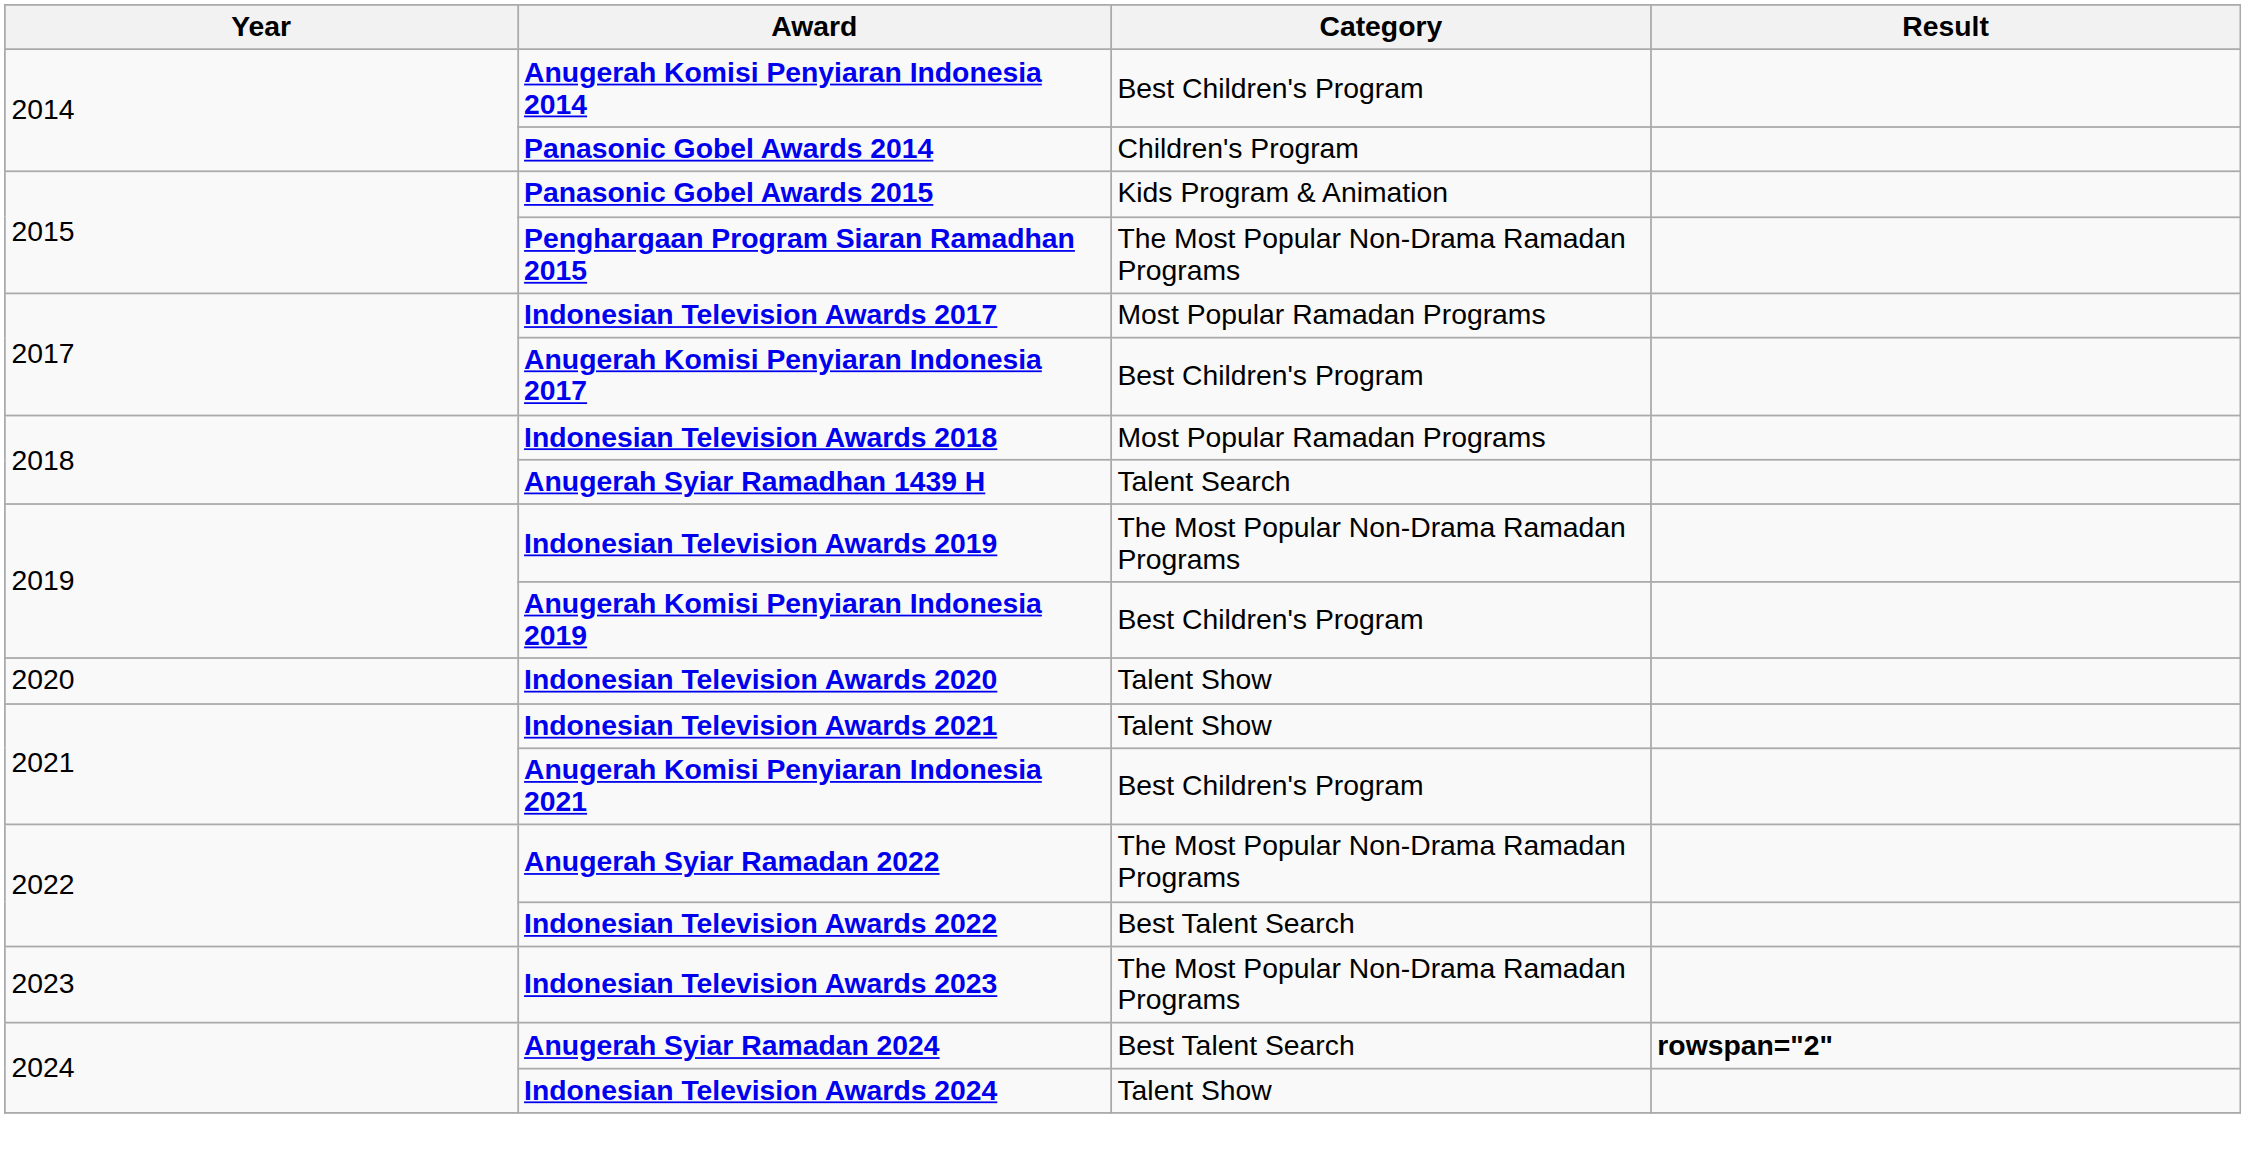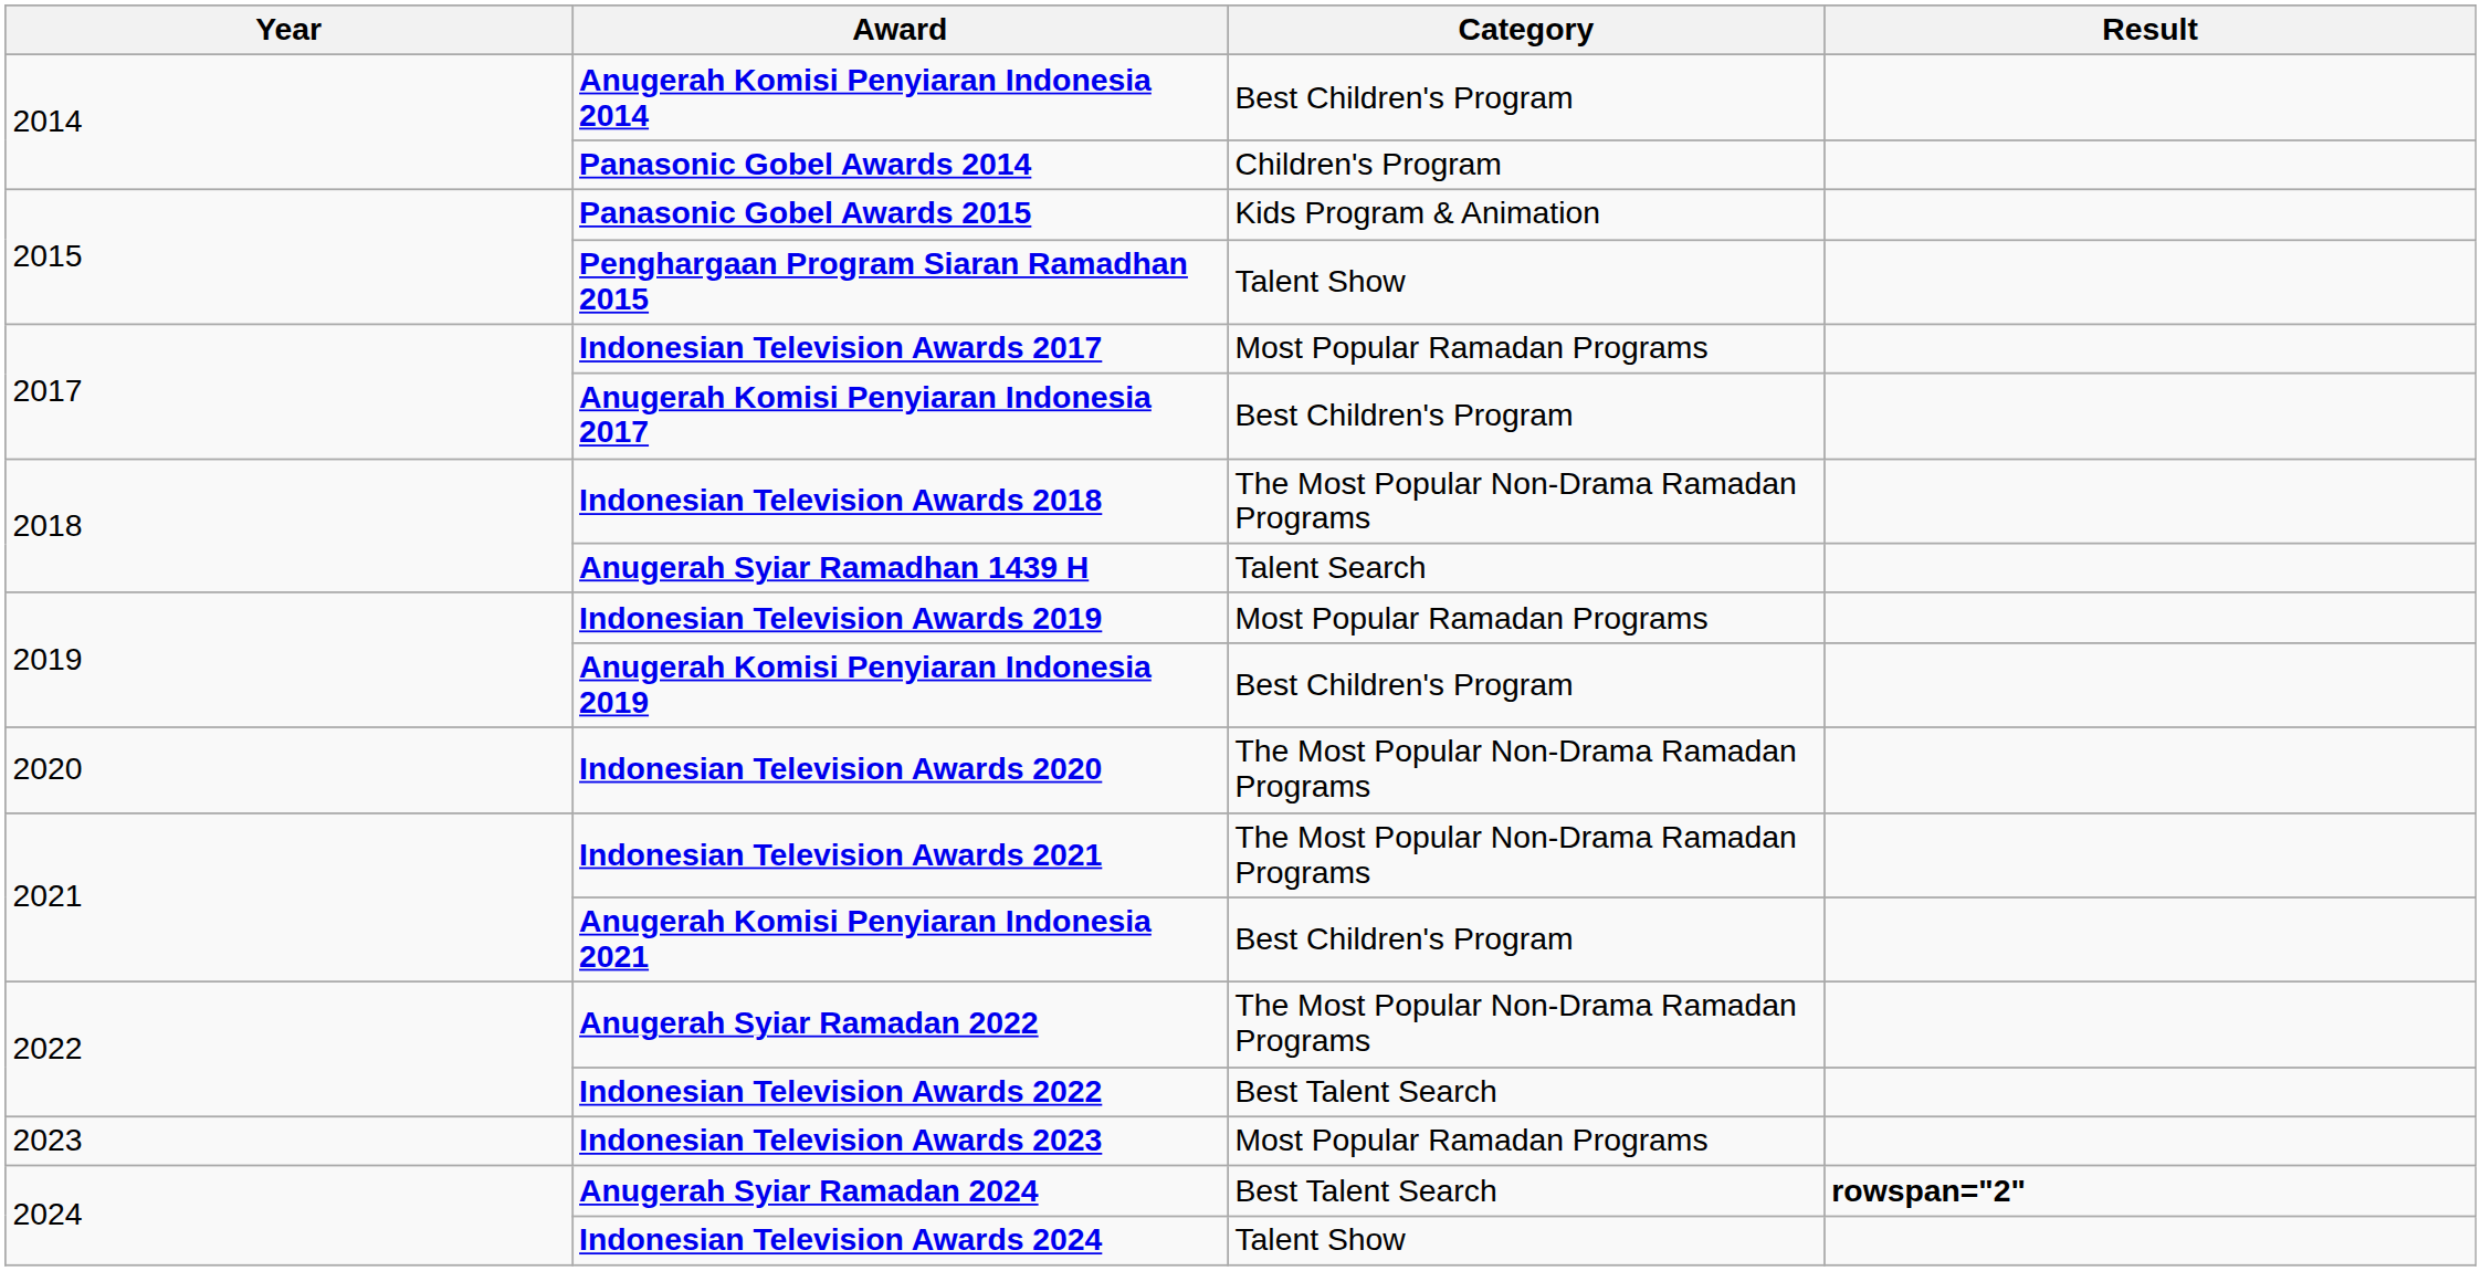 <table class="wikitable" width="100%" cellpadding="5">
 <tr>
 <th width="5%">Year</th>
 <th width="5%">Award</th>
 <th width="5%">Category</th>
 <th width="5%">Result</th>
 </tr>
 <tr>
 <td rowspan="2">2014</td>
 <td><strong><a href='#'>Anugerah Komisi Penyiaran Indonesia 2014</a></strong></td>
 <td>Best Children's Program</td>
 <td></td>
 </tr>
 <tr>
 <td><strong><a href='#'>Panasonic Gobel Awards 2014</a></strong></td>
 <td>Children's Program</td>
 <td></td>
 </tr>
 <tr>
 <td rowspan="2">2015</td>
 <td><strong><a href='#'>Panasonic Gobel Awards 2015</a></strong></td>
 <td>Kids Program & Animation</td>
 <td></td>
 </tr>
 <tr>
 <td><strong><a href='#'>Penghargaan Program Siaran Ramadhan 2015</a></strong></td>
-<td>The Most Popular Non-Drama Ramadan Programs</td>
+<td>Talent Show</td>
 <td></td>
 </tr>
 <tr>
 <td rowspan="2">2017</td>
 <td><strong><a href='#'>Indonesian Television Awards 2017</a></strong></td>
 <td>Most Popular Ramadan Programs</td>
 <td></td>
 </tr>
 <tr>
 <td><strong><a href='#'>Anugerah Komisi Penyiaran Indonesia 2017</a></strong></td>
 <td>Best Children's Program</td>
 <td></td>
 </tr>
 <tr>
 <td rowspan="2">2018</td>
 <td><strong><a href='#'>Indonesian Television Awards 2018</a></strong></td>
-<td>Most Popular Ramadan Programs</td>
+<td>The Most Popular Non-Drama Ramadan Programs</td>
 <td></td>
 </tr>
 <tr>
 <td><strong><a href='#'>Anugerah Syiar Ramadhan 1439 H</a></strong></td>
 <td>Talent Search</td>
 <td></td>
 </tr>
 <tr>
 <td rowspan="2">2019</td>
 <td><strong><a href='#'>Indonesian Television Awards 2019</a></strong></td>
-<td>The Most Popular Non-Drama Ramadan Programs</td>
+<td>Most Popular Ramadan Programs</td>
 <td></td>
 </tr>
 <tr>
 <td><strong><a href='#'>Anugerah Komisi Penyiaran Indonesia 2019</a></strong></td>
 <td>Best Children's Program</td>
 <td></td>
 </tr>
 <tr>
 <td>2020</td>
 <td><strong><a href='#'>Indonesian Television Awards 2020</a></strong></td>
-<td>Talent Show</td>
+<td>The Most Popular Non-Drama Ramadan Programs</td>
 <td></td>
 </tr>
 <tr>
 <td rowspan="2">2021</td>
 <td><strong><a href='#'>Indonesian Television Awards 2021</a></strong></td>
-<td>Talent Show</td>
+<td>The Most Popular Non-Drama Ramadan Programs</td>
 <td></td>
 </tr>
 <tr>
 <td><strong><a href='#'>Anugerah Komisi Penyiaran Indonesia 2021</a></strong></td>
 <td>Best Children's Program</td>
 <td></td>
 </tr>
 <tr>
 <td rowspan="2">2022</td>
 <td><strong><a href='#'>Anugerah Syiar Ramadan 2022</a></strong></td>
 <td>The Most Popular Non-Drama Ramadan Programs</td>
 <td></td>
 </tr>
 <tr>
 <td><strong><a href='#'>Indonesian Television Awards 2022</a></strong></td>
 <td>Best Talent Search</td>
 <td></td>
 </tr>
 <tr>
 <td>2023</td>
 <td><strong><a href='#'>Indonesian Television Awards 2023</a></strong></td>
-<td>The Most Popular Non-Drama Ramadan Programs</td>
+<td>Most Popular Ramadan Programs</td>
 <td></td>
 </tr>
 <tr>
 <td rowspan="2">2024</td>
 <td><strong><a href='#'>Anugerah Syiar Ramadan 2024</a></strong></td>
 <td>Best Talent Search</td>
 <td><strong>rowspan="2" </strong></td>
 </tr>
 <tr>
 <td><strong><a href='#'>Indonesian Television Awards 2024</a></strong></td>
 <td>Talent Show</td>
 </tr>
 </table>
